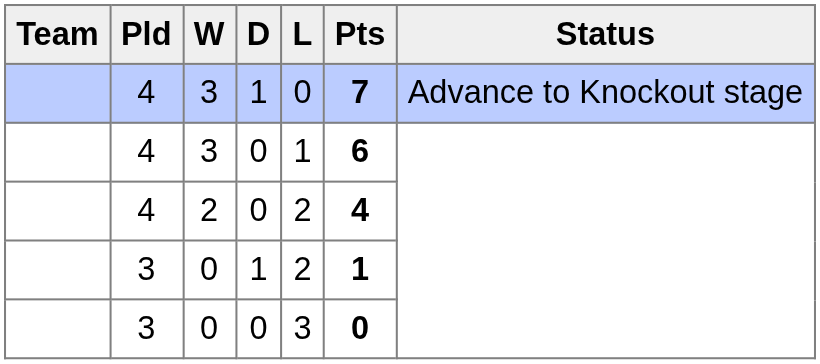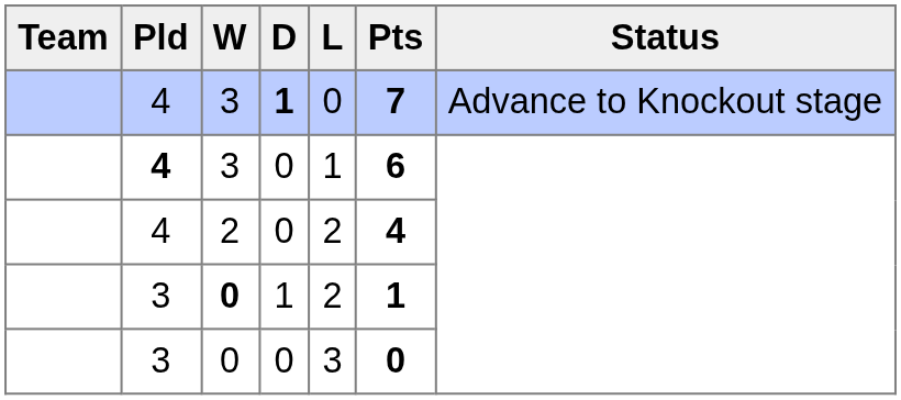 <table style=border-collapse:collapse border=1 cellspacing=0 cellpadding=5>
 <tr align=center bgcolor=#efefef>
 <th>Team</th>
 <th>Pld</th>
 <th>W</th>
 <th>D</th>
 <th>L</th>
 <th>Pts</th>
 <th>Status</th>
 </tr>
 <tr align=center style="background:#bbccff;">
 <td style="text-align:left;"> </td>
 <td>4</td>
 <td>3</td>
-<td>1</td>
+<td><strong>1</strong></td>
 <td>0</td>
 <td><strong>7</strong></td>
 <td rowspan=1>Advance to Knockout stage</td>
 </tr>
 <tr align=center style="background:#FFFFFF;">
 <td style="text-align:left;"> </td>
-<td>4</td>
+<td><strong>4</strong></td>
 <td>3</td>
 <td>0</td>
 <td>1</td>
 <td><strong>6</strong></td>
 <td rowspan=4></td>
 </tr>
 <tr align=center style="background:#FFFFFF;">
 <td style="text-align:left;"> </td>
 <td>4</td>
 <td>2</td>
 <td>0</td>
 <td>2</td>
 <td><strong>4</strong></td>
 </tr>
 <tr align=center style="background:#FFFFFF;">
 <td style="text-align:left;"> </td>
 <td>3</td>
-<td>0</td>
+<td><strong>0</strong></td>
 <td>1</td>
 <td>2</td>
 <td><strong>1</strong></td>
 </tr>
 <tr align=center style="background:#FFFFFF;">
 <td style="text-align:left;"> </td>
 <td>3</td>
 <td>0</td>
 <td>0</td>
 <td>3</td>
 <td><strong>0</strong></td>
 </tr>
 </table>
